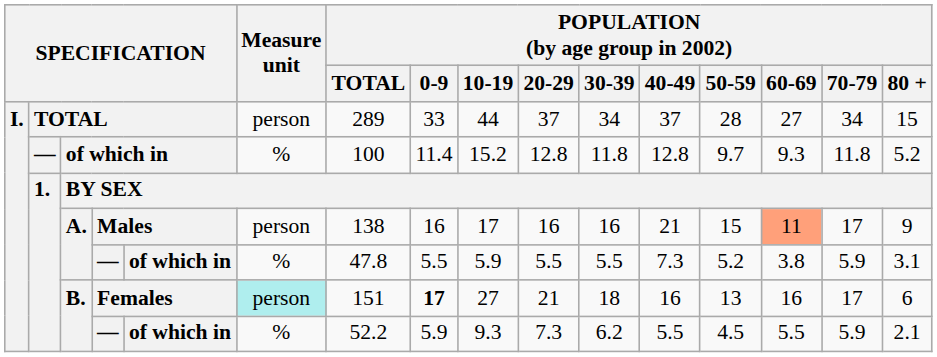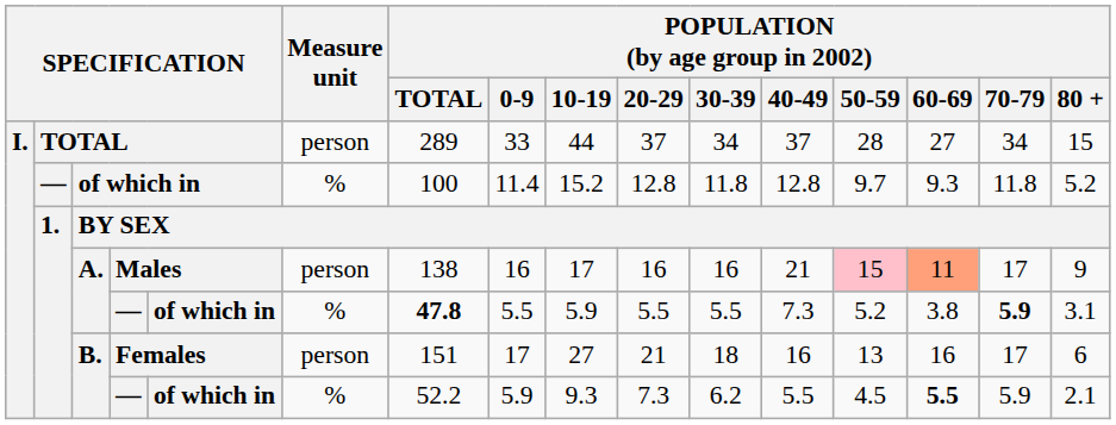 <table class="wikitable" style="font-size:85%; text-align:center">
 <tr>
 <th rowspan="2" colspan="5">SPECIFICATION</th>
 <th rowspan="2">Measure<br> unit</th>
 <th colspan="10" rowspan="1">POPULATION<br> (by age group in 2002)</th>
 </tr>
 <tr>
 <th>TOTAL</th>
 <th>0-9</th>
 <th>10-19</th>
 <th>20-29</th>
 <th>30-39</th>
 <th>40-49</th>
 <th>50-59</th>
 <th>60-69</th>
 <th>70-79</th>
 <th>80 +</th>
 </tr>
 <tr>
 <th style="text-align:left" valign="top" rowspan="7">I.</th>
 <th style="text-align:left" colspan="4">TOTAL</th>
 <td>person</td>
 <td>289</td>
 <td>33</td>
 <td>44</td>
 <td>37</td>
 <td>34</td>
 <td>37</td>
 <td>28</td>
 <td>27</td>
 <td>34</td>
 <td>15</td>
 </tr>
 <tr>
 <th style="text-align:left" valign="top">—</th>
 <th style="text-align:left" colspan="3">of which in</th>
 <td>%</td>
 <td>100</td>
 <td>11.4</td>
 <td>15.2</td>
 <td>12.8</td>
 <td>11.8</td>
 <td>12.8</td>
 <td>9.7</td>
 <td>9.3</td>
 <td>11.8</td>
 <td>5.2</td>
 </tr>
 <tr>
 <th style="text-align:left" valign="top" rowspan="5">1.</th>
 <th style="text-align:left" colspan="14">BY SEX</th>
 </tr>
 <tr>
 <th style="text-align:left" valign="top" rowspan="2">A.</th>
 <th style="text-align:left" colspan="2">Males</th>
 <td>person</td>
 <td>138</td>
 <td>16</td>
 <td>17</td>
 <td>16</td>
 <td>16</td>
 <td>21</td>
-<td>15</td>
+<td style="background: pink;">15</td>
 <td style="background: lightsalmon;">11</td>
 <td>17</td>
 <td>9</td>
 </tr>
 <tr>
 <th style="text-align:left" valign="top">—</th>
 <th style="text-align:left" colspan="1">of which in</th>
 <td>%</td>
-<td>47.8</td>
+<td><strong>47.8</strong></td>
 <td>5.5</td>
 <td>5.9</td>
 <td>5.5</td>
 <td>5.5</td>
 <td>7.3</td>
 <td>5.2</td>
 <td>3.8</td>
-<td>5.9</td>
+<td><strong>5.9</strong></td>
 <td>3.1</td>
 </tr>
 <tr>
 <th style="text-align:left" valign="top" rowspan="2">B.</th>
 <th style="text-align:left" colspan="2">Females</th>
-<td style="background: paleturquoise;">person</td>
+<td>person</td>
 <td>151</td>
-<td><strong>17</strong></td>
+<td>17</td>
 <td>27</td>
 <td>21</td>
 <td>18</td>
 <td>16</td>
 <td>13</td>
 <td>16</td>
 <td>17</td>
 <td>6</td>
 </tr>
 <tr>
 <th style="text-align:left" valign="top">—</th>
 <th style="text-align:left" colspan="1">of which in</th>
 <td>%</td>
 <td>52.2</td>
 <td>5.9</td>
 <td>9.3</td>
 <td>7.3</td>
 <td>6.2</td>
 <td>5.5</td>
 <td>4.5</td>
-<td>5.5</td>
+<td><strong>5.5</strong></td>
 <td>5.9</td>
 <td>2.1</td>
 </tr>
 </table>
